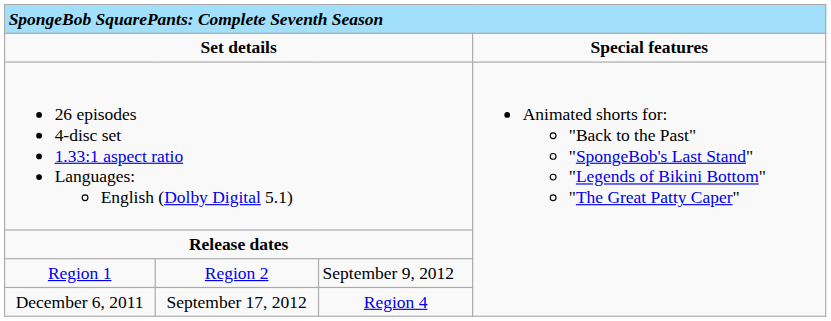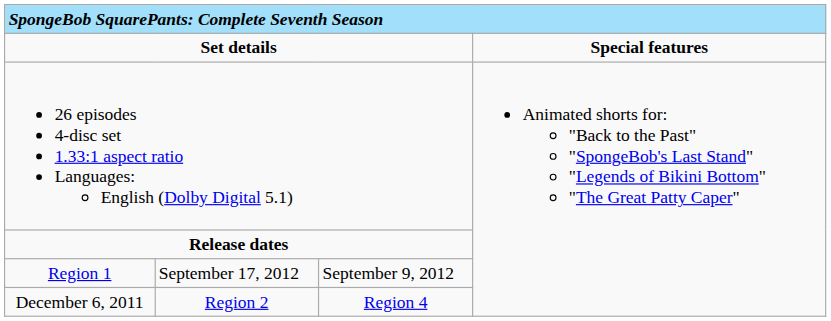 <table class="wikitable" style="font-size: 95%;">
 <tr style="background:#A1DFFB; color:#000;">
 <td colspan="4"><strong><em>SpongeBob SquarePants: Complete Seventh Season</em></strong></td>
 </tr>
 <tr valign="top">
 <td style="text-align:center; width:400px;" colspan="3"><strong>Set details</strong></td>
 <td style="width:300px; text-align:center;"><strong>Special features</strong></td>
 </tr>
 <tr valign="top">
 <td colspan="3" style="text-align:left; width:400px;"><br><ul><li>26 episodes</li><li>4-disc set</li><li><a href='#'>1.33:1 aspect ratio</a></li><li>Languages:<ul><li>English (<a href='#'>Dolby Digital</a> 5.1)</li></ul></li></ul></td>
 <td rowspan="4" style="text-align:left; width:300px;"><br><ul><li>Animated shorts for:<ul><li>"Back to the Past"</li><li>"<a href='#'>SpongeBob's Last Stand</a>"</li><li>"<a href='#'>Legends of Bikini Bottom</a>"</li><li>"<a href='#'>The Great Patty Caper</a>"</li></ul></li></ul></td>
 </tr>
 <tr>
 <td colspan="3" style="text-align:center;"><strong>Release dates</strong></td>
 </tr>
 <tr>
 <td style="text-align:center;"><a href='#'>Region 1</a></td>
-<td style="text-align:center;"><a href='#'>Region 2</a></td>
+<td>September 17, 2012</td>
 <td>September 9, 2012</td>
 </tr>
 <tr style="text-align:center;">
 <td>December 6, 2011</td>
-<td>September 17, 2012</td>
+<td style="text-align:center;"><a href='#'>Region 2</a></td>
 <td style="text-align:center;"><a href='#'>Region 4</a></td>
 </tr>
 </table>
